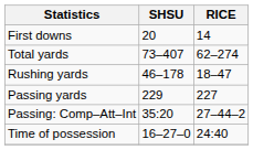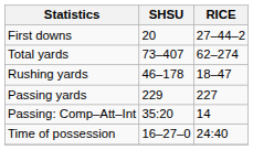 <table class="wikitable" style="float: left;">
 <tr>
 <th>Statistics</th>
 <th>SHSU</th>
 <th>RICE</th>
 </tr>
 <tr>
 <td>First downs</td>
 <td>20</td>
-<td>14</td>
+<td>27–44–2</td>
 </tr>
 <tr>
 <td>Total yards</td>
 <td>73–407</td>
 <td>62–274</td>
 </tr>
 <tr>
 <td>Rushing yards</td>
 <td>46–178</td>
 <td>18–47</td>
 </tr>
 <tr>
 <td>Passing yards</td>
 <td>229</td>
 <td>227</td>
 </tr>
 <tr>
 <td>Passing: Comp–Att–Int</td>
 <td>35:20</td>
-<td>27–44–2</td>
+<td>14</td>
 </tr>
 <tr>
 <td>Time of possession</td>
 <td>16–27–0</td>
 <td>24:40</td>
 </tr>
 <tr>
 </tr>
 </table>
